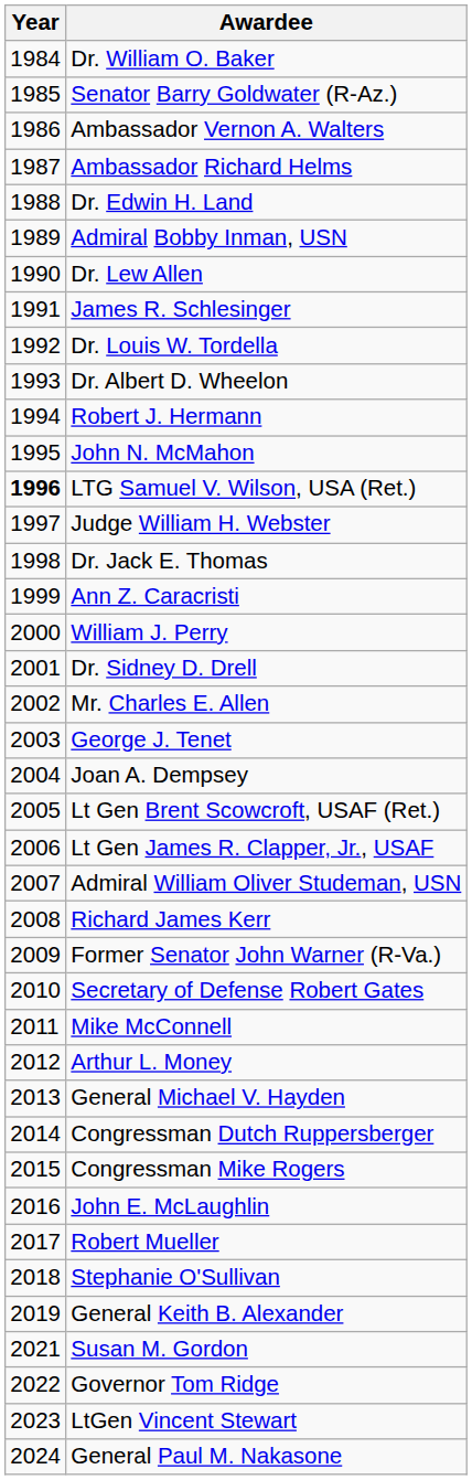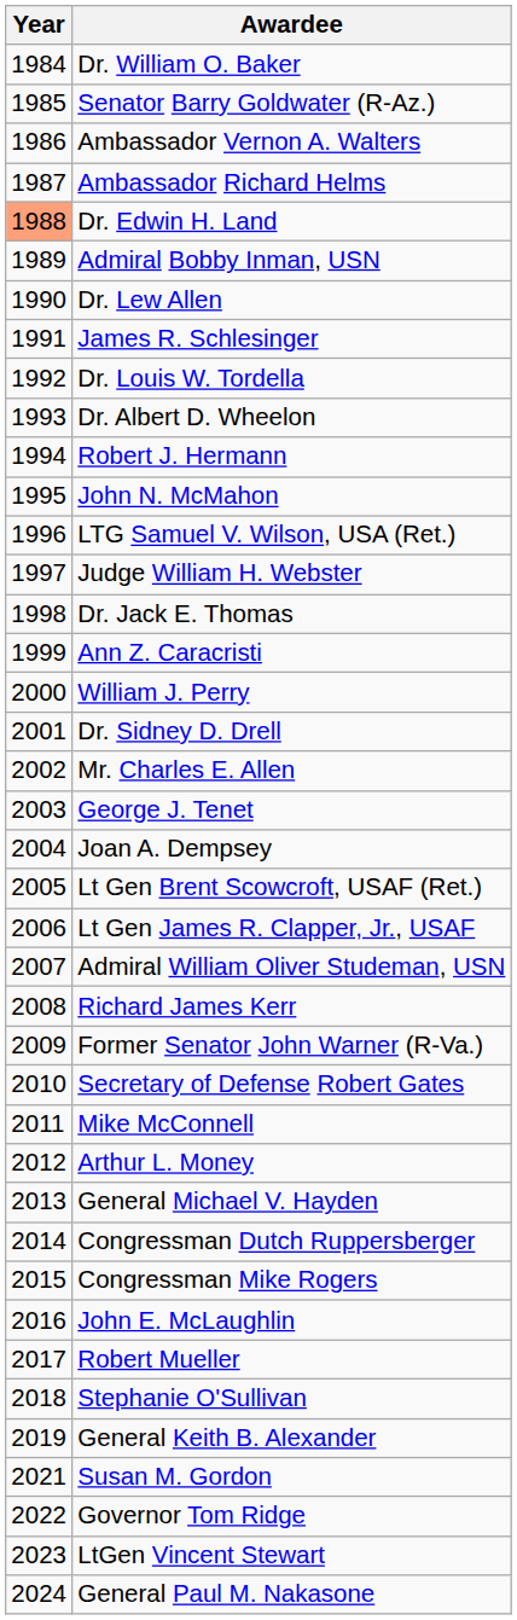 <table class="wikitable">
 <tr>
 <th>Year</th>
 <th>Awardee</th>
 </tr>
 <tr>
 <td>1984</td>
 <td>Dr. <a href='#'>William O. Baker</a></td>
 </tr>
 <tr>
 <td>1985</td>
 <td><a href='#'>Senator</a> <a href='#'>Barry Goldwater</a> (R-Az.)</td>
 </tr>
 <tr>
 <td>1986</td>
 <td>Ambassador <a href='#'>Vernon A. Walters</a></td>
 </tr>
 <tr>
 <td>1987</td>
 <td><a href='#'>Ambassador</a> <a href='#'>Richard Helms</a></td>
 </tr>
 <tr>
-<td>1988</td>
+<td style="background: lightsalmon;">1988</td>
 <td>Dr. <a href='#'>Edwin H. Land</a></td>
 </tr>
 <tr>
 <td>1989</td>
 <td><a href='#'>Admiral</a> <a href='#'>Bobby Inman</a>, <a href='#'>USN</a></td>
 </tr>
 <tr>
 <td>1990</td>
 <td>Dr. <a href='#'>Lew Allen</a></td>
 </tr>
 <tr>
 <td>1991</td>
 <td><a href='#'>James R. Schlesinger</a></td>
 </tr>
 <tr>
 <td>1992</td>
 <td>Dr. <a href='#'>Louis W. Tordella</a></td>
 </tr>
 <tr>
 <td>1993</td>
 <td>Dr. Albert D. Wheelon</td>
 </tr>
 <tr>
 <td>1994</td>
 <td><a href='#'>Robert J. Hermann</a></td>
 </tr>
 <tr>
 <td>1995</td>
 <td><a href='#'>John N. McMahon</a></td>
 </tr>
 <tr>
-<td><strong>1996</strong></td>
+<td>1996</td>
 <td>LTG <a href='#'>Samuel V. Wilson</a>, USA (Ret.)</td>
 </tr>
 <tr>
 <td>1997</td>
 <td>Judge <a href='#'>William H. Webster</a></td>
 </tr>
 <tr>
 <td>1998</td>
 <td>Dr. Jack E. Thomas</td>
 </tr>
 <tr>
 <td>1999</td>
 <td><a href='#'>Ann Z. Caracristi</a></td>
 </tr>
 <tr>
 <td>2000</td>
 <td><a href='#'>William J. Perry</a></td>
 </tr>
 <tr>
 <td>2001</td>
 <td>Dr. <a href='#'>Sidney D. Drell</a></td>
 </tr>
 <tr>
 <td>2002</td>
 <td>Mr. <a href='#'>Charles E. Allen</a></td>
 </tr>
 <tr>
 <td>2003</td>
 <td><a href='#'>George J. Tenet</a></td>
 </tr>
 <tr>
 <td>2004</td>
 <td>Joan A. Dempsey</td>
 </tr>
 <tr>
 <td>2005</td>
 <td>Lt Gen <a href='#'>Brent Scowcroft</a>, USAF (Ret.)</td>
 </tr>
 <tr>
 <td>2006</td>
 <td>Lt Gen <a href='#'>James R. Clapper, Jr.</a>, <a href='#'>USAF</a></td>
 </tr>
 <tr>
 <td>2007</td>
 <td>Admiral <a href='#'>William Oliver Studeman</a>, <a href='#'>USN</a></td>
 </tr>
 <tr>
 <td>2008</td>
 <td><a href='#'>Richard James Kerr</a></td>
 </tr>
 <tr>
 <td>2009</td>
 <td>Former <a href='#'>Senator</a> <a href='#'>John Warner</a> (R-Va.)</td>
 </tr>
 <tr>
 <td>2010</td>
 <td><a href='#'>Secretary of Defense</a> <a href='#'>Robert Gates</a></td>
 </tr>
 <tr>
 <td>2011</td>
 <td><a href='#'>Mike McConnell</a></td>
 </tr>
 <tr>
 <td>2012</td>
 <td><a href='#'>Arthur L. Money</a></td>
 </tr>
 <tr>
 <td>2013</td>
 <td>General <a href='#'>Michael V. Hayden</a></td>
 </tr>
 <tr>
 <td>2014</td>
 <td>Congressman <a href='#'>Dutch Ruppersberger</a></td>
 </tr>
 <tr>
 <td>2015</td>
 <td>Congressman <a href='#'>Mike Rogers</a></td>
 </tr>
 <tr>
 <td>2016</td>
 <td><a href='#'>John E. McLaughlin</a></td>
 </tr>
 <tr>
 <td>2017</td>
 <td><a href='#'>Robert Mueller</a></td>
 </tr>
 <tr>
 <td>2018</td>
 <td><a href='#'>Stephanie O'Sullivan</a></td>
 </tr>
 <tr>
 <td>2019</td>
 <td>General <a href='#'>Keith B. Alexander</a></td>
 </tr>
 <tr>
 <td>2021</td>
 <td><a href='#'>Susan M. Gordon</a></td>
 </tr>
 <tr>
 <td>2022</td>
 <td>Governor <a href='#'>Tom Ridge</a></td>
 </tr>
 <tr>
 <td>2023</td>
 <td>LtGen <a href='#'>Vincent Stewart</a></td>
 </tr>
 <tr>
 <td>2024</td>
 <td>General <a href='#'>Paul M. Nakasone</a></td>
 </tr>
 </table>
